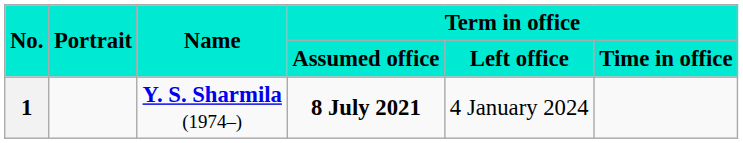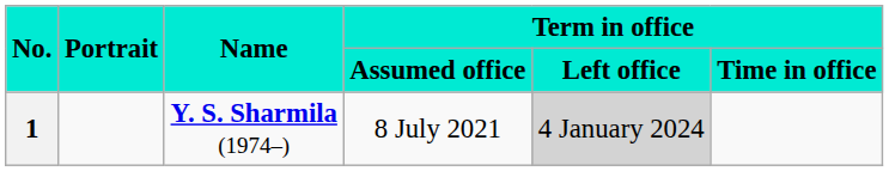 <table class="wikitable sortable" style="text-align: center;">
 <tr>
 <th rowspan=2 style="background-color:#00EAD3;color:black">No.</th>
 <th rowspan=2 style="background-color:#00EAD3;color:black">Portrait</th>
 <th rowspan=2 style="background-color:#00EAD3;color:black">Name<br></th>
 <th colspan=3 style="background-color:#00EAD3;color:black">Term in office</th>
 </tr>
 <tr>
 <th style="background-color:#00EAD3;color:black">Assumed office</th>
 <th style="background-color:#00EAD3;color:black">Left office</th>
 <th style="background-color:#00EAD3;color:black">Time in office</th>
 </tr>
 <tr>
 <th>1</th>
 <td></td>
 <td><strong><a href='#'>Y. S. Sharmila</a></strong><br><small>(1974–)</small></td>
-<td><strong>8 July 2021</strong></td>
-<td>4 January 2024</td>
+<td>8 July 2021</td>
+<td style="background: lightgrey;">4 January 2024</td>
 <td></td>
 </tr>
 </table>
